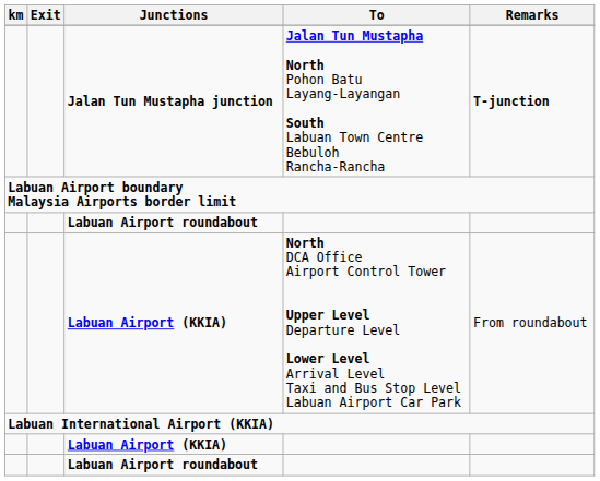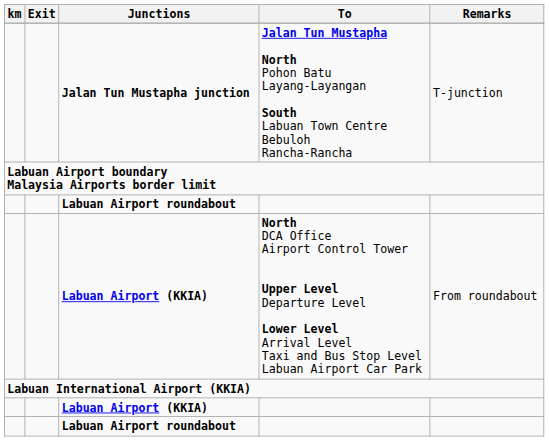 <table class="wikitable">
 <tr>
 <th>km</th>
 <th>Exit</th>
 <th>Junctions</th>
 <th>To</th>
 <th>Remarks</th>
 </tr>
 <tr>
 </tr>
 <tr>
 <td></td>
 <td></td>
 <td><strong>Jalan Tun Mustapha junction</strong></td>
 <td> <strong><a href='#'>Jalan Tun Mustapha</a></strong><br><br><strong>North</strong><br>Pohon Batu<br>Layang-Layangan<br><br><strong>South</strong><br>Labuan Town Centre<br>Bebuloh<br>Rancha-Rancha</td>
-<td><strong>T-junction</strong></td>
+<td>T-junction</td>
 </tr>
 <tr>
 <td style="width:600px" colspan="6" style="text-align:center; background:yellow;"><strong><span>Labuan Airport boundary<br>Malaysia Airports border limit</span></strong></td>
 </tr>
 <tr>
 <td></td>
 <td></td>
 <td><strong>Labuan Airport roundabout</strong></td>
 <td></td>
 <td></td>
 </tr>
 <tr>
 <td></td>
 <td></td>
 <td><strong><a href='#'>Labuan Airport</a> (KKIA)</strong> </td>
 <td><strong>North</strong><br>DCA Office<br>Airport Control Tower<br><br><br><strong>Upper Level</strong><br>Departure Level<br><br><strong>Lower Level</strong><br>Arrival Level<br>Taxi and Bus Stop Level<br> Labuan Airport Car Park</td>
 <td>From roundabout</td>
 </tr>
 <tr>
 <td style="width:600px" colspan="6" style="text-align:center; background:blue;"><strong><span>Labuan International Airport (KKIA) </span></strong></td>
 </tr>
 <tr>
 <td></td>
 <td></td>
 <td><strong><a href='#'>Labuan Airport</a> (KKIA)</strong> </td>
 <td></td>
 <td></td>
 </tr>
 <tr>
 <td></td>
 <td></td>
 <td><strong>Labuan Airport roundabout</strong></td>
 <td></td>
 <td></td>
 </tr>
 </table>
